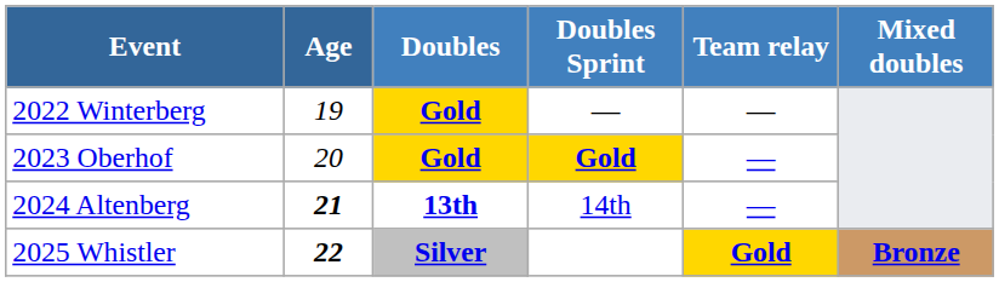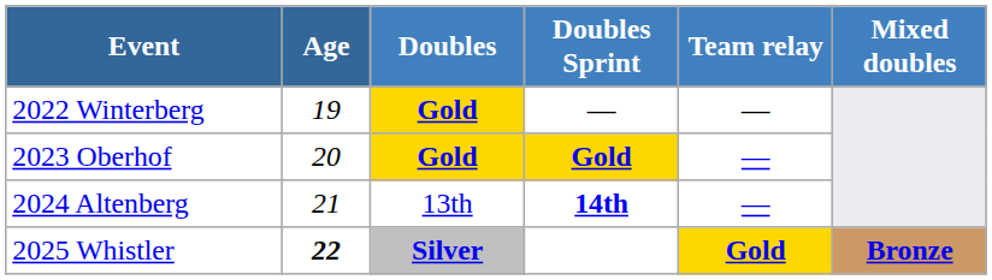 <table class="wikitable" style="font-size:95%; text-align:center; border:grey solid 1px; border-collapse:collapse; background:#ffffff;">
 <tr>
 <th style="background-color:#369; color:white; width:140px;">Event</th>
 <th style="background-color:#369; color:white; width:40px;">Age</th>
 <th style="background-color:#4180be; color:white; width:75px;">Doubles</th>
 <th style="background-color:#4180be; color:white; width:75px;">Doubles Sprint</th>
 <th style="background-color:#4180be; color:white; width:75px;">Team relay</th>
 <th style="background-color:#4180be; color:white; width:75px;">Mixed doubles</th>
 </tr>
 <tr>
 <td align=left> <a href='#'>2022 Winterberg</a></td>
 <td><em>19</em></td>
 <td style="background:gold;"><a href='#'><strong>Gold</strong></a></td>
 <td>—</td>
 <td>—</td>
 <td rowspan="3" style="background:#EAECF0"></td>
 </tr>
 <tr>
 <td align=left> <a href='#'>2023 Oberhof</a></td>
 <td><em>20</em></td>
 <td style="background:gold;"><a href='#'><strong>Gold</strong></a></td>
 <td style="background:gold;"><a href='#'><strong>Gold</strong></a></td>
 <td><a href='#'>—</a></td>
 </tr>
 <tr>
 <td align=left> <a href='#'>2024 Altenberg</a></td>
-<td><strong><em>21</em></strong></td>
-<td><strong><a href='#'>13th</a></strong></td>
-<td><a href='#'>14th</a></td>
+<td><em>21</em></td>
+<td><a href='#'>13th</a></td>
+<td><strong><a href='#'>14th</a></strong></td>
 <td><a href='#'>—</a></td>
 </tr>
 <tr>
 <td style="text-align:left"> <a href='#'>2025 Whistler</a></td>
 <td><strong><em>22</em></strong></td>
 <td style="background:silver;"><a href='#'><strong>Silver</strong></a></td>
 <td></td>
 <td style="background:gold;"><a href='#'><strong>Gold</strong></a></td>
 <td style="background:#CC9966"><a href='#'><strong>Bronze</strong></a></td>
 </tr>
 </table>
